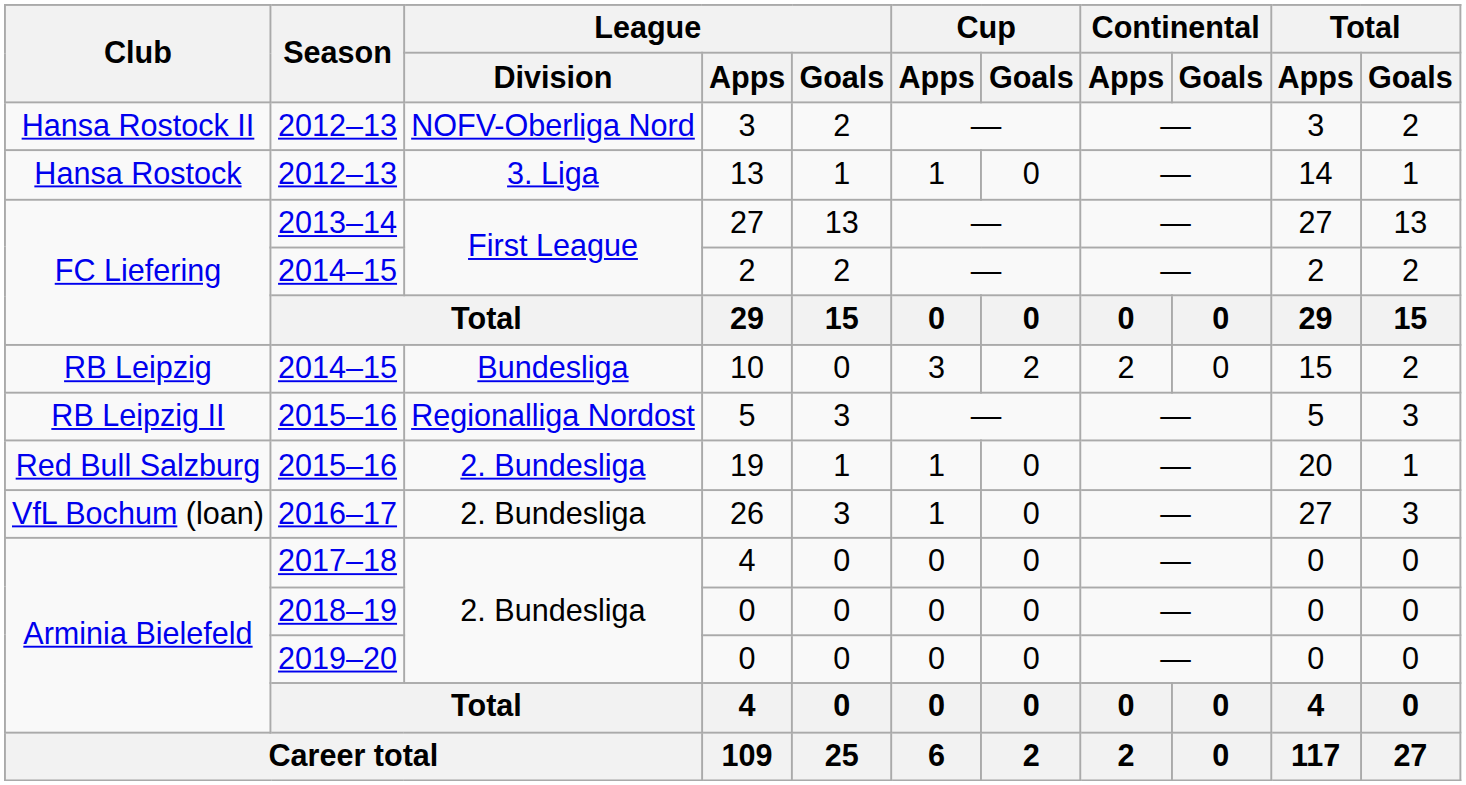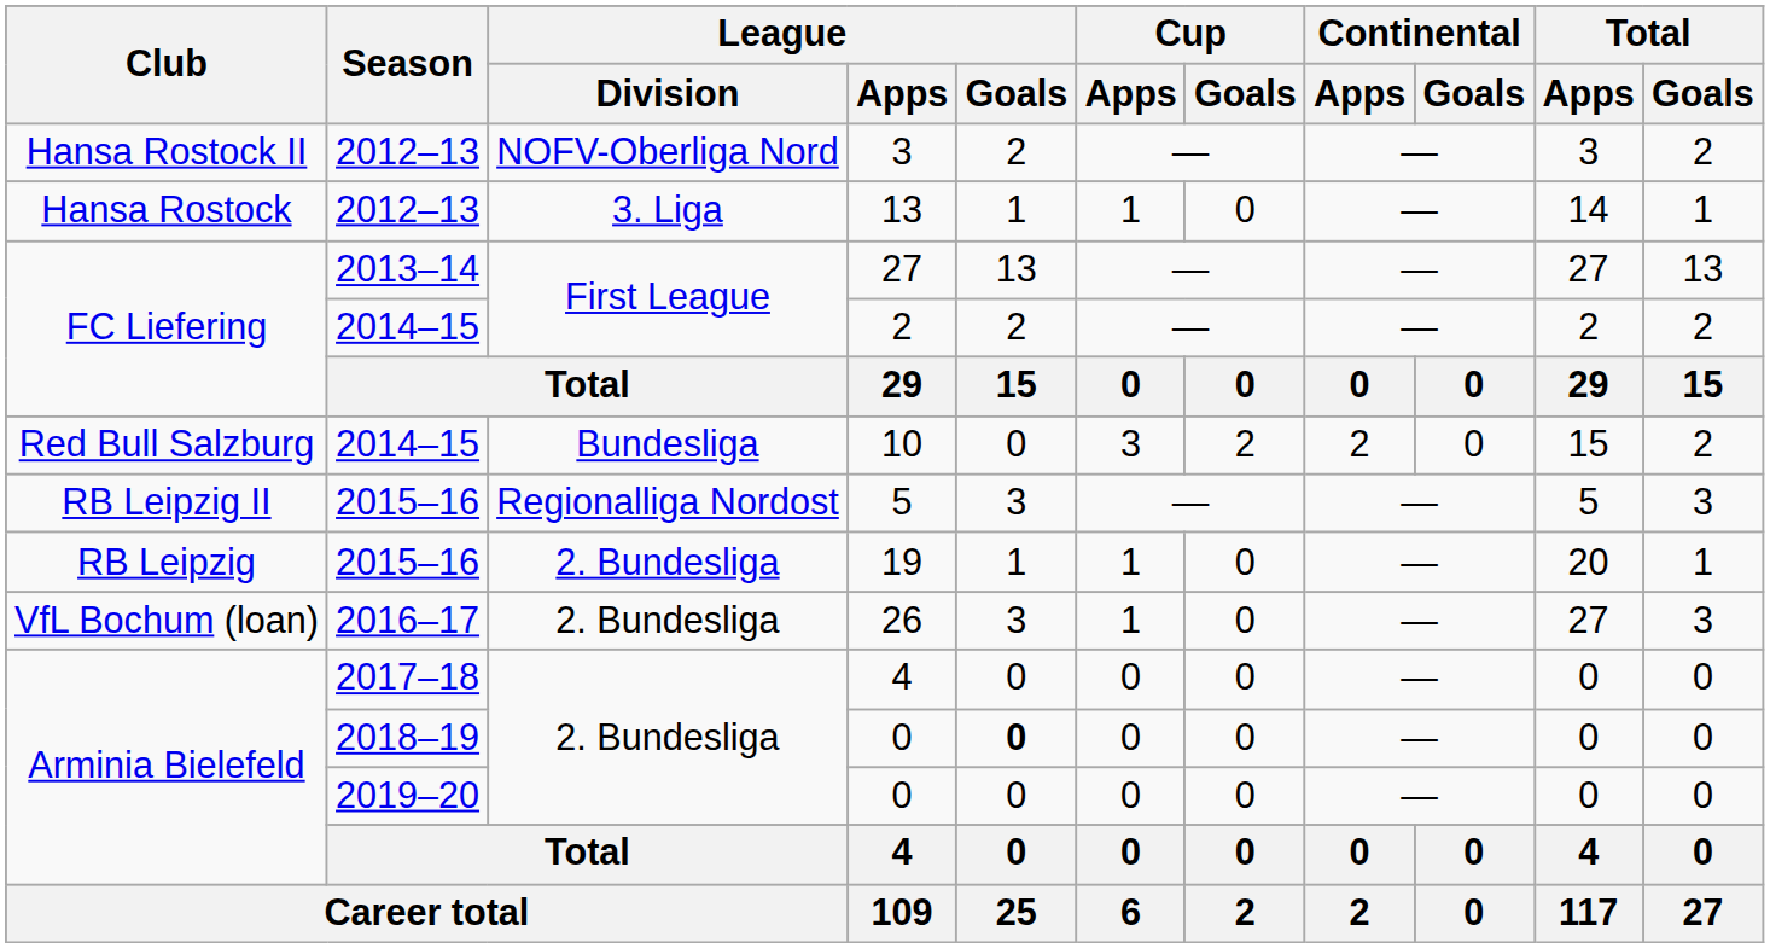 <table class="wikitable" style="text-align:center">
 <tr>
 <th rowspan="2">Club</th>
 <th rowspan="2">Season</th>
 <th colspan="3">League</th>
 <th colspan="2">Cup</th>
 <th colspan="2">Continental</th>
 <th colspan="2">Total</th>
 </tr>
 <tr>
 <th>Division</th>
 <th>Apps</th>
 <th>Goals</th>
 <th>Apps</th>
 <th>Goals</th>
 <th>Apps</th>
 <th>Goals</th>
 <th>Apps</th>
 <th>Goals</th>
 </tr>
 <tr>
 <td><a href='#'>Hansa Rostock II</a></td>
 <td><a href='#'>2012–13</a></td>
 <td><a href='#'>NOFV-Oberliga Nord</a></td>
 <td>3</td>
 <td>2</td>
 <td colspan="2">—</td>
 <td colspan="2">—</td>
 <td>3</td>
 <td>2</td>
 </tr>
 <tr>
 <td><a href='#'>Hansa Rostock</a></td>
 <td><a href='#'>2012–13</a></td>
 <td><a href='#'>3. Liga</a></td>
 <td>13</td>
 <td>1</td>
 <td>1</td>
 <td>0</td>
 <td colspan="2">—</td>
 <td>14</td>
 <td>1</td>
 </tr>
 <tr>
 <td rowspan="3"><a href='#'>FC Liefering</a></td>
 <td><a href='#'>2013–14</a></td>
 <td rowspan="2"><a href='#'>First League</a></td>
 <td>27</td>
 <td>13</td>
 <td colspan="2">—</td>
 <td colspan="2">—</td>
 <td>27</td>
 <td>13</td>
 </tr>
 <tr>
 <td><a href='#'>2014–15</a></td>
 <td>2</td>
 <td>2</td>
 <td colspan="2">—</td>
 <td colspan="2">—</td>
 <td>2</td>
 <td>2</td>
 </tr>
 <tr>
 <th colspan="2">Total</th>
 <th>29</th>
 <th>15</th>
 <th>0</th>
 <th>0</th>
 <th>0</th>
 <th>0</th>
 <th>29</th>
 <th>15</th>
 </tr>
 <tr>
-<td><a href='#'>RB Leipzig</a></td>
+<td><a href='#'>Red Bull Salzburg</a></td>
 <td><a href='#'>2014–15</a></td>
 <td><a href='#'>Bundesliga</a></td>
 <td>10</td>
 <td>0</td>
 <td>3</td>
 <td>2</td>
 <td>2</td>
 <td>0</td>
 <td>15</td>
 <td>2</td>
 </tr>
 <tr>
 <td><a href='#'>RB Leipzig II</a></td>
 <td><a href='#'>2015–16</a></td>
 <td><a href='#'>Regionalliga Nordost</a></td>
 <td>5</td>
 <td>3</td>
 <td colspan="2">—</td>
 <td colspan="2">—</td>
 <td>5</td>
 <td>3</td>
 </tr>
 <tr>
-<td><a href='#'>Red Bull Salzburg</a></td>
+<td><a href='#'>RB Leipzig</a></td>
 <td><a href='#'>2015–16</a></td>
 <td><a href='#'>2. Bundesliga</a></td>
 <td>19</td>
 <td>1</td>
 <td>1</td>
 <td>0</td>
 <td colspan="2">—</td>
 <td>20</td>
 <td>1</td>
 </tr>
 <tr>
 <td><a href='#'>VfL Bochum</a> (loan)</td>
 <td><a href='#'>2016–17</a></td>
 <td>2. Bundesliga</td>
 <td>26</td>
 <td>3</td>
 <td>1</td>
 <td>0</td>
 <td colspan="2">—</td>
 <td>27</td>
 <td>3</td>
 </tr>
 <tr>
 <td rowspan="4"><a href='#'>Arminia Bielefeld</a></td>
 <td><a href='#'>2017–18</a></td>
 <td rowspan="3">2. Bundesliga</td>
 <td>4</td>
 <td>0</td>
 <td>0</td>
 <td>0</td>
 <td colspan="2">—</td>
 <td>0</td>
 <td>0</td>
 </tr>
 <tr>
 <td><a href='#'>2018–19</a></td>
 <td>0</td>
-<td>0</td>
+<td><strong>0</strong></td>
 <td>0</td>
 <td>0</td>
 <td colspan="2">—</td>
 <td>0</td>
 <td>0</td>
 </tr>
 <tr>
 <td><a href='#'>2019–20</a></td>
 <td>0</td>
 <td>0</td>
 <td>0</td>
 <td>0</td>
 <td colspan="2">—</td>
 <td>0</td>
 <td>0</td>
 </tr>
 <tr>
 <th colspan="2">Total</th>
 <th>4</th>
 <th>0</th>
 <th>0</th>
 <th>0</th>
 <th>0</th>
 <th>0</th>
 <th>4</th>
 <th>0</th>
 </tr>
 <tr>
 <th colspan="3">Career total</th>
 <th>109</th>
 <th>25</th>
 <th>6</th>
 <th>2</th>
 <th>2</th>
 <th>0</th>
 <th>117</th>
 <th>27</th>
 </tr>
 </table>
